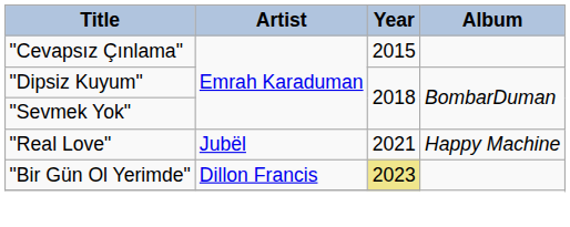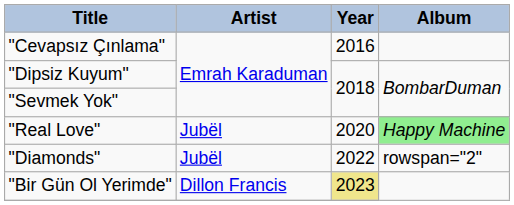 <table class="wikitable">
 <tr>
 <th style="background:LightSteelBlue">Title</th>
 <th style="background:LightSteelBlue">Artist</th>
 <th style="background:LightSteelBlue">Year</th>
 <th style="background:LightSteelBlue">Album</th>
 </tr>
 <tr>
 <td>"Cevapsız Çınlama"</td>
 <td rowspan="3"><a href='#'>Emrah Karaduman</a></td>
-<td>2015</td>
+<td>2016</td>
 <td></td>
 </tr>
 <tr>
 <td>"Dipsiz Kuyum"</td>
 <td rowspan="2">2018</td>
 <td rowspan=2><em>BombarDuman</em></td>
 </tr>
 <tr>
 <td>"Sevmek Yok"</td>
 </tr>
 <tr>
 <td>"Real Love"</td>
 <td><a href='#'>Jubël</a></td>
-<td>2021</td>
-<td><em>Happy Machine</em></td>
+<td>2020</td>
+<td style="background: lightgreen;"><em>Happy Machine</em></td>
+</tr>
+<tr>
+<td>"Diamonds"</td>
+<td><a href='#'>Jubël</a></td>
+<td>2022</td>
+<td>rowspan="2" </td>
 </tr>
 <tr>
 <td>"Bir Gün Ol Yerimde"</td>
 <td><a href='#'>Dillon Francis</a></td>
 <td style="background: khaki;">2023</td>
 </tr>
 <tr>
 </tr>
 </table>
